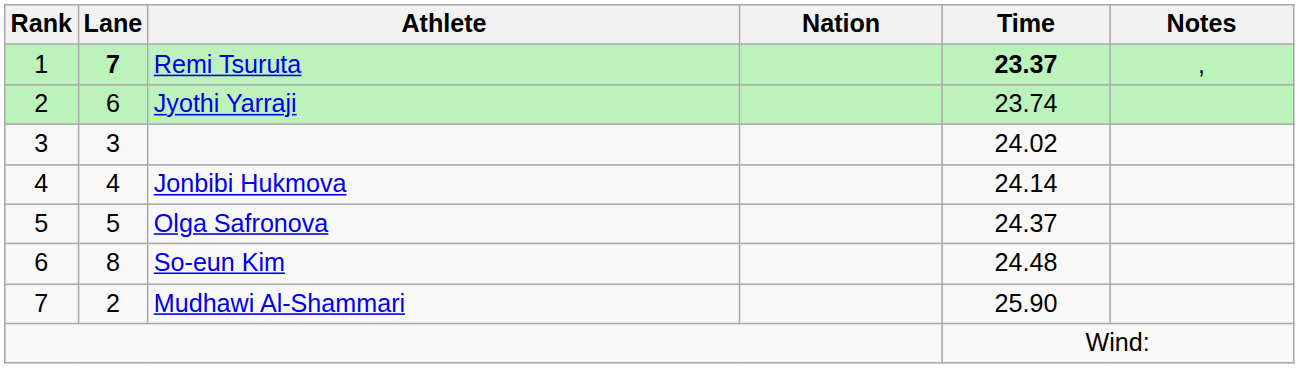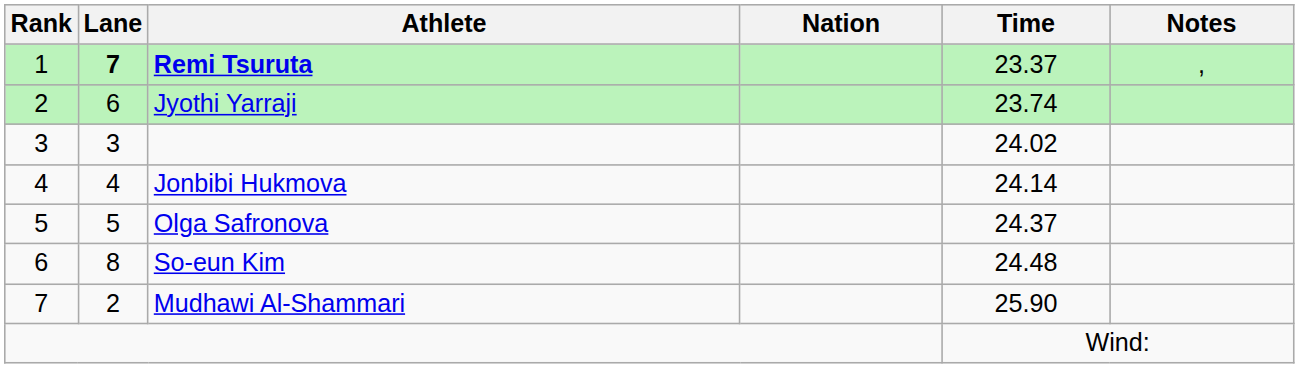 <table class="wikitable sortable" style="text-align:center;width: 65%;">
 <tr>
 <th scope="col" style="width: 10px;">Rank</th>
 <th scope="col" style="width: 10px;">Lane</th>
 <th scope="col">Athlete</th>
 <th scope="col">Nation</th>
 <th scope="col">Time</th>
 <th scope="col">Notes</th>
 </tr>
 <tr bgcolor=bbf3bb>
 <td>1</td>
 <td><strong>7</strong></td>
-<td align="left"><a href='#'>Remi Tsuruta</a></td>
+<td align="left"><strong><a href='#'>Remi Tsuruta</a></strong></td>
 <td align="left"></td>
-<td><strong>23.37</strong></td>
+<td>23.37</td>
 <td>, </td>
 </tr>
 <tr bgcolor=bbf3bb>
 <td>2</td>
 <td>6</td>
 <td align="left"><a href='#'>Jyothi Yarraji</a></td>
 <td align="left"></td>
 <td>23.74</td>
 <td></td>
 </tr>
 <tr>
 <td>3</td>
 <td>3</td>
 <td align="left"></td>
 <td align="left"></td>
 <td>24.02</td>
 <td></td>
 </tr>
 <tr>
 <td>4</td>
 <td>4</td>
 <td align="left"><a href='#'>Jonbibi Hukmova</a></td>
 <td align="left"></td>
 <td>24.14</td>
 <td></td>
 </tr>
 <tr>
 <td>5</td>
 <td>5</td>
 <td align="left"><a href='#'>Olga Safronova</a></td>
 <td align="left"></td>
 <td>24.37</td>
 <td></td>
 </tr>
 <tr>
 <td>6</td>
 <td>8</td>
 <td align="left"><a href='#'>So-eun Kim</a></td>
 <td align="left"></td>
 <td>24.48</td>
 <td></td>
 </tr>
 <tr>
 <td>7</td>
 <td>2</td>
 <td align="left"><a href='#'>Mudhawi Al-Shammari</a></td>
 <td align="left"></td>
 <td>25.90</td>
 <td></td>
 </tr>
 <tr class="sortbottom">
 <td colspan="4"></td>
 <td colspan="2">Wind: </td>
 </tr>
 </table>
